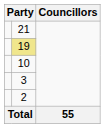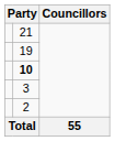 <table class="wikitable">
 <tr>
 <th colspan=2>Party</th>
 <th>Councillors</th>
 </tr>
 <tr>
 <td></td>
 <td align=center>21</td>
 </tr>
 <tr>
 <td></td>
-<td align=center style="background: khaki;">19</td>
+<td align=center>19</td>
 </tr>
 <tr>
 <td></td>
-<td align=center>10</td>
+<td align=center><strong>10</strong></td>
 </tr>
 <tr>
 <td></td>
 <td align=center>3</td>
 </tr>
 <tr>
 <td></td>
 <td align=center>2</td>
 </tr>
 <tr>
 <th colspan=2>Total</th>
 <th align=center>55</th>
 </tr>
 </table>
